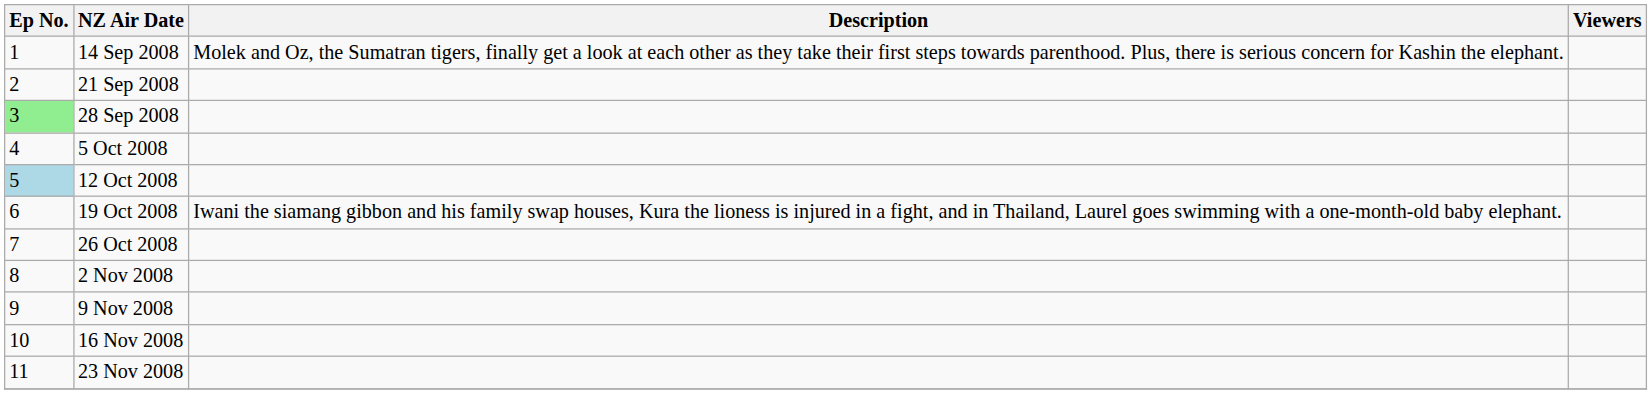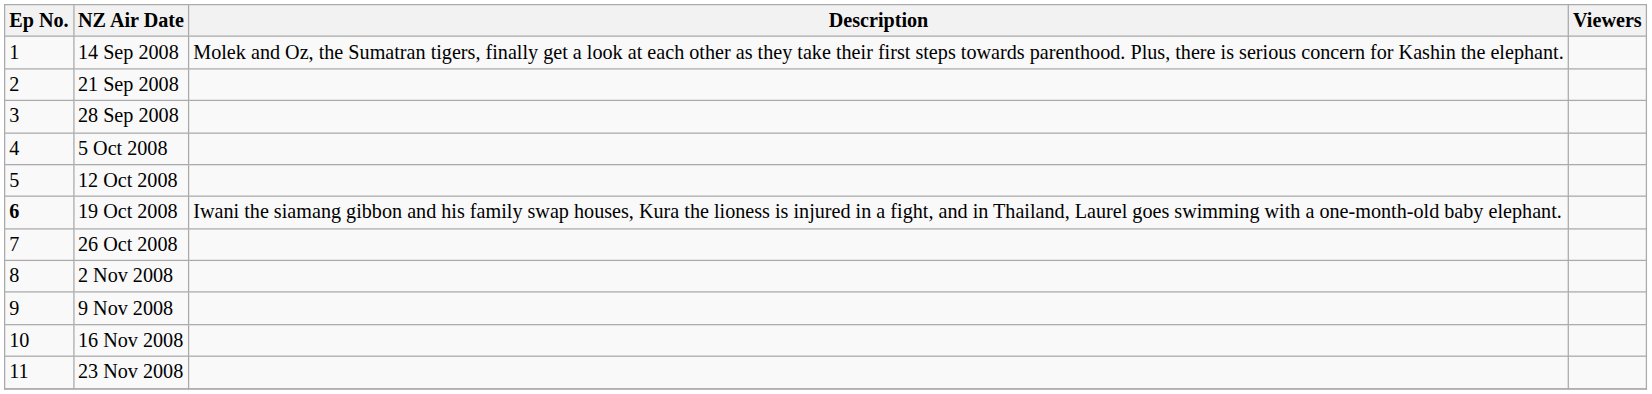 <table class="wikitable">
 <tr>
 <th>Ep No.</th>
 <th>NZ Air Date</th>
 <th>Description</th>
 <th>Viewers</th>
 </tr>
 <tr>
 <td>1</td>
 <td>14 Sep 2008</td>
 <td>Molek and Oz, the Sumatran tigers, finally get a look at each other as they take their first steps towards parenthood. Plus, there is serious concern for Kashin the elephant.</td>
 <td></td>
 </tr>
 <tr>
 <td>2</td>
 <td>21 Sep 2008</td>
 <td></td>
 <td></td>
 </tr>
 <tr>
-<td style="background: lightgreen;">3</td>
+<td>3</td>
 <td>28 Sep 2008</td>
 <td></td>
 <td></td>
 </tr>
 <tr>
 <td>4</td>
 <td>5 Oct 2008</td>
 <td></td>
 <td></td>
 </tr>
 <tr>
-<td style="background: lightblue;">5</td>
+<td>5</td>
 <td>12 Oct 2008</td>
 <td></td>
 <td></td>
 </tr>
 <tr>
-<td>6</td>
+<td><strong>6</strong></td>
 <td>19 Oct 2008</td>
 <td>Iwani the siamang gibbon and his family swap houses, Kura the lioness is injured in a fight, and in Thailand, Laurel goes swimming with a one-month-old baby elephant.</td>
 <td></td>
 </tr>
 <tr>
 <td>7</td>
 <td>26 Oct 2008</td>
 <td></td>
 <td></td>
 </tr>
 <tr>
 <td>8</td>
 <td>2 Nov 2008</td>
 <td></td>
 <td></td>
 </tr>
 <tr>
 <td>9</td>
 <td>9 Nov 2008</td>
 <td></td>
 <td></td>
 </tr>
 <tr>
 <td>10</td>
 <td>16 Nov 2008</td>
 <td></td>
 <td></td>
 </tr>
 <tr>
 <td>11</td>
 <td>23 Nov 2008</td>
 <td></td>
 <td></td>
 </tr>
 <tr>
 </tr>
 </table>
